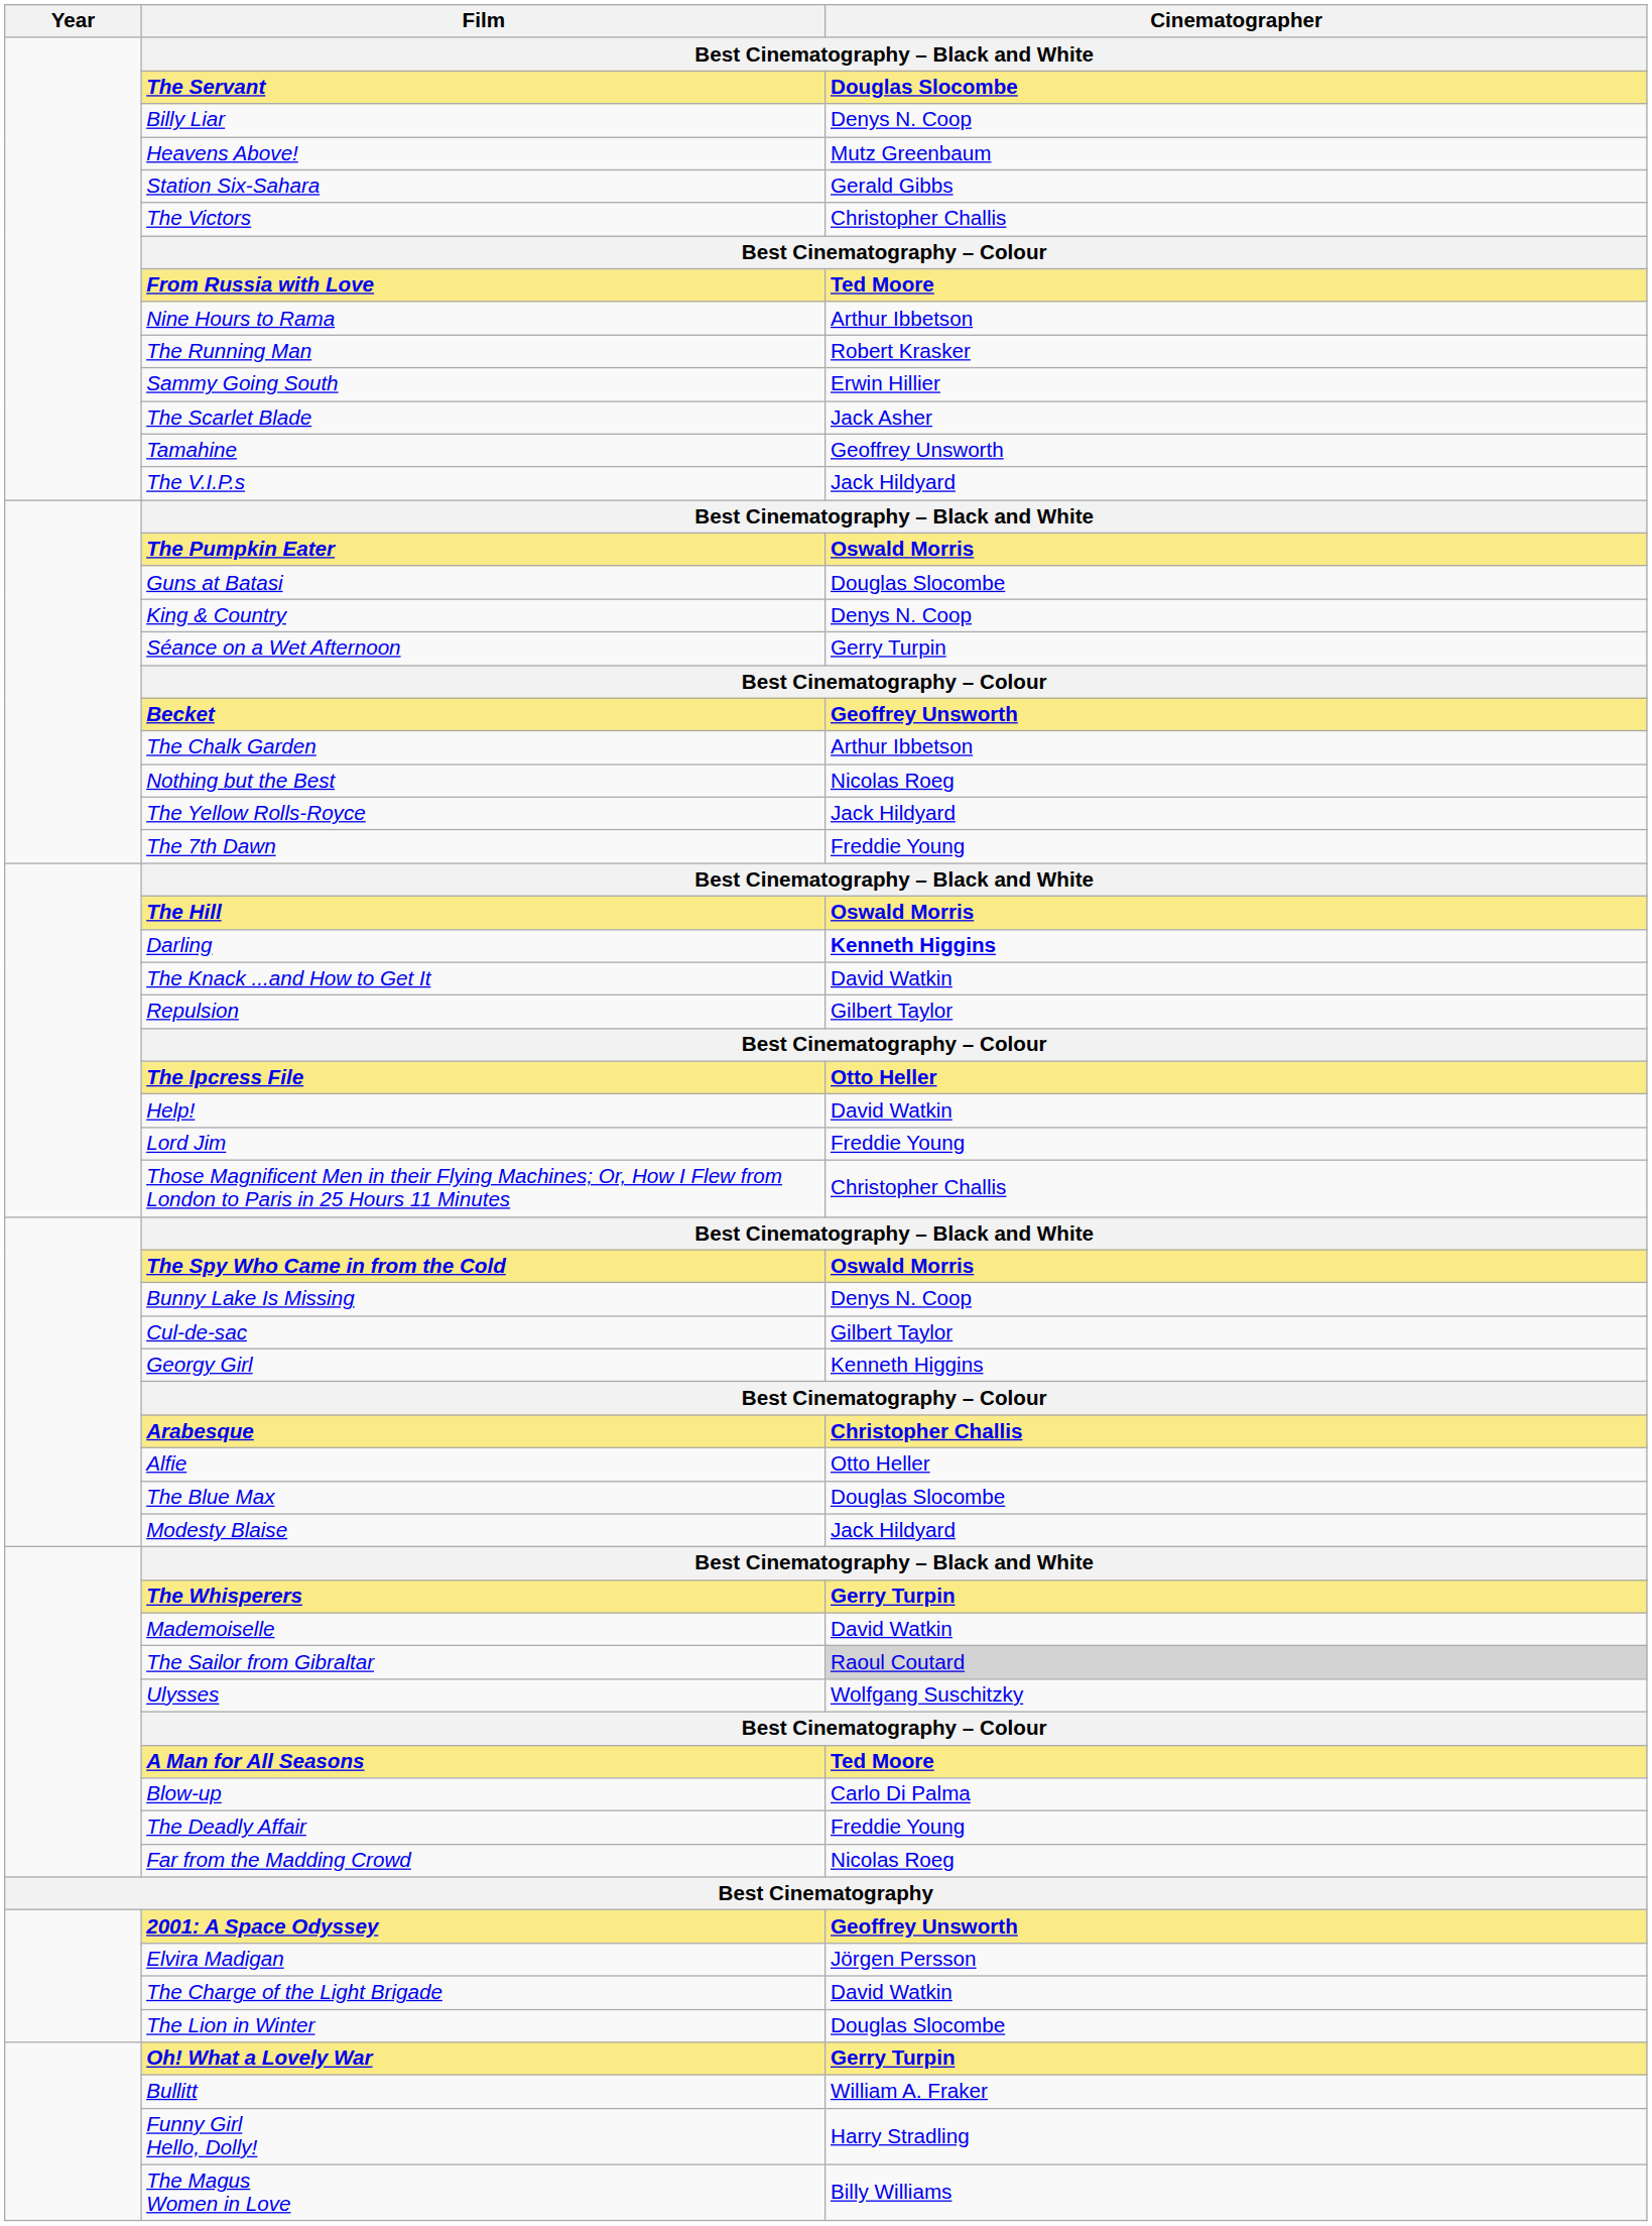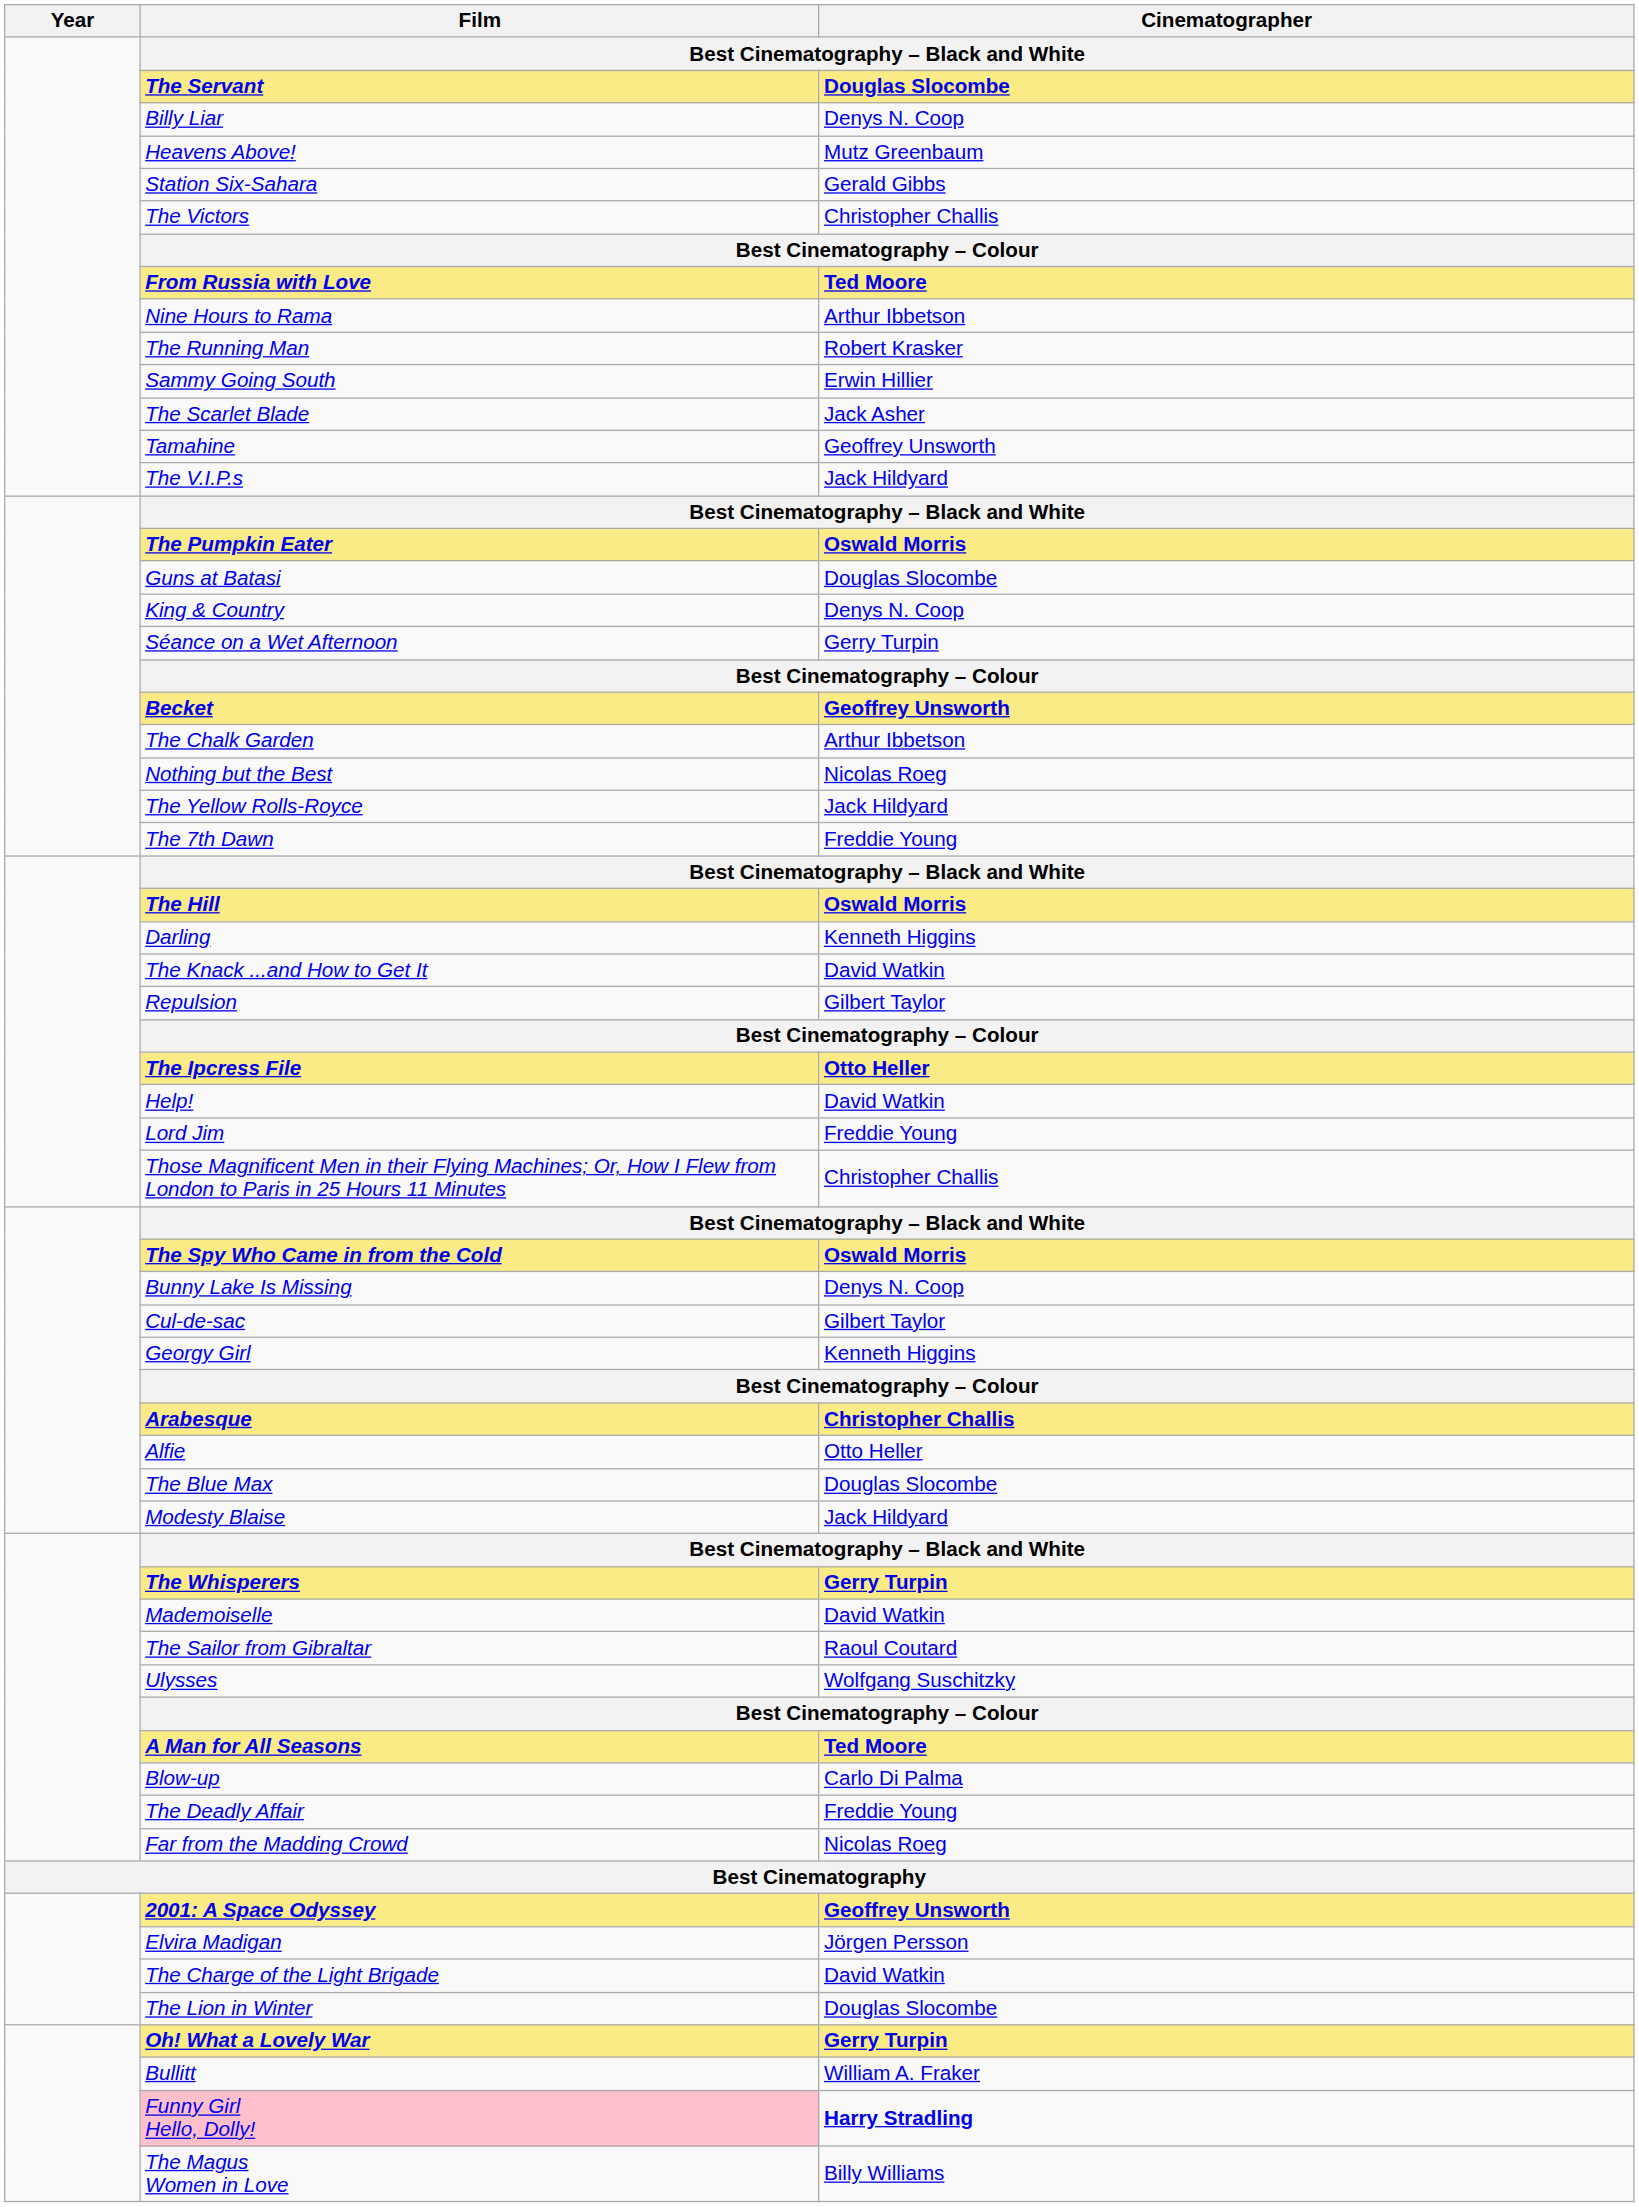 <table class="wikitable" style="width:100%;" cellpadding="5">
 <tr>
 <th style="width:5%;">Year</th>
 <th style="width:25%;">Film</th>
 <th style="width:30%;">Cinematographer</th>
 </tr>
 <tr>
 <td rowspan="14"></td>
 <th colspan="2">Best Cinematography – Black and White</th>
 </tr>
 <tr>
 <td style="background:#FAEB86"><strong><em><a href='#'>The Servant</a></em></strong></td>
 <td style="background:#FAEB86"><strong><a href='#'>Douglas Slocombe</a></strong></td>
 </tr>
 <tr>
 <td><em><a href='#'>Billy Liar</a></em></td>
 <td><a href='#'>Denys N. Coop</a></td>
 </tr>
 <tr>
 <td><em><a href='#'>Heavens Above!</a></em></td>
 <td><a href='#'>Mutz Greenbaum</a></td>
 </tr>
 <tr>
 <td><em><a href='#'>Station Six-Sahara</a></em></td>
 <td><a href='#'>Gerald Gibbs</a></td>
 </tr>
 <tr>
 <td><em><a href='#'>The Victors</a></em></td>
 <td><a href='#'>Christopher Challis</a></td>
 </tr>
 <tr>
 <th colspan="2">Best Cinematography – Colour</th>
 </tr>
 <tr>
 <td style="background:#FAEB86"><strong><em><a href='#'>From Russia with Love</a></em></strong></td>
 <td style="background:#FAEB86"><strong><a href='#'>Ted Moore</a></strong></td>
 </tr>
 <tr>
 <td><em><a href='#'>Nine Hours to Rama</a></em></td>
 <td><a href='#'>Arthur Ibbetson</a></td>
 </tr>
 <tr>
 <td><em><a href='#'>The Running Man</a></em></td>
 <td><a href='#'>Robert Krasker</a></td>
 </tr>
 <tr>
 <td><em><a href='#'>Sammy Going South</a></em></td>
 <td><a href='#'>Erwin Hillier</a></td>
 </tr>
 <tr>
 <td><em><a href='#'>The Scarlet Blade</a></em></td>
 <td><a href='#'>Jack Asher</a></td>
 </tr>
 <tr>
 <td><em><a href='#'>Tamahine</a></em></td>
 <td><a href='#'>Geoffrey Unsworth</a></td>
 </tr>
 <tr>
 <td><em><a href='#'>The V.I.P.s</a></em></td>
 <td><a href='#'>Jack Hildyard</a></td>
 </tr>
 <tr>
 <td rowspan="11"></td>
 <th colspan="2">Best Cinematography – Black and White</th>
 </tr>
 <tr>
 <td style="background:#FAEB86"><strong><em><a href='#'>The Pumpkin Eater</a></em></strong></td>
 <td style="background:#FAEB86"><strong><a href='#'>Oswald Morris</a></strong></td>
 </tr>
 <tr>
 <td><em><a href='#'>Guns at Batasi</a></em></td>
 <td><a href='#'>Douglas Slocombe</a></td>
 </tr>
 <tr>
 <td><em><a href='#'>King & Country</a></em></td>
 <td><a href='#'>Denys N. Coop</a></td>
 </tr>
 <tr>
 <td><em><a href='#'>Séance on a Wet Afternoon</a></em></td>
 <td><a href='#'>Gerry Turpin</a></td>
 </tr>
 <tr>
 <th colspan="2">Best Cinematography – Colour</th>
 </tr>
 <tr>
 <td style="background:#FAEB86"><strong><em><a href='#'>Becket</a></em></strong></td>
 <td style="background:#FAEB86"><strong><a href='#'>Geoffrey Unsworth</a></strong></td>
 </tr>
 <tr>
 <td><em><a href='#'>The Chalk Garden</a></em></td>
 <td><a href='#'>Arthur Ibbetson</a></td>
 </tr>
 <tr>
 <td><em><a href='#'>Nothing but the Best</a></em></td>
 <td><a href='#'>Nicolas Roeg</a></td>
 </tr>
 <tr>
 <td><em><a href='#'>The Yellow Rolls-Royce</a></em></td>
 <td><a href='#'>Jack Hildyard</a></td>
 </tr>
 <tr>
 <td><em><a href='#'>The 7th Dawn</a></em></td>
 <td><a href='#'>Freddie Young</a></td>
 </tr>
 <tr>
 <td rowspan="10"></td>
 <th colspan="2">Best Cinematography – Black and White</th>
 </tr>
 <tr>
 <td style="background:#FAEB86"><strong><em><a href='#'>The Hill</a></em></strong></td>
 <td style="background:#FAEB86"><strong><a href='#'>Oswald Morris</a></strong></td>
 </tr>
 <tr>
 <td><em><a href='#'>Darling</a></em></td>
-<td><strong><a href='#'>Kenneth Higgins</a></strong></td>
+<td><a href='#'>Kenneth Higgins</a></td>
 </tr>
 <tr>
 <td><em><a href='#'>The Knack ...and How to Get It</a></em></td>
 <td><a href='#'>David Watkin</a></td>
 </tr>
 <tr>
 <td><em><a href='#'>Repulsion</a></em></td>
 <td><a href='#'>Gilbert Taylor</a></td>
 </tr>
 <tr>
 <th colspan="2">Best Cinematography – Colour</th>
 </tr>
 <tr>
 <td style="background:#FAEB86"><strong><em><a href='#'>The Ipcress File</a></em></strong></td>
 <td style="background:#FAEB86"><strong><a href='#'>Otto Heller</a></strong></td>
 </tr>
 <tr>
 <td><em><a href='#'>Help!</a></em></td>
 <td><a href='#'>David Watkin</a></td>
 </tr>
 <tr>
 <td><em><a href='#'>Lord Jim</a></em></td>
 <td><a href='#'>Freddie Young</a></td>
 </tr>
 <tr>
 <td><em><a href='#'>Those Magnificent Men in their Flying Machines; Or, How I Flew from London to Paris in 25 Hours 11 Minutes</a></em></td>
 <td><a href='#'>Christopher Challis</a></td>
 </tr>
 <tr>
 <td rowspan="10"></td>
 <th colspan="2">Best Cinematography – Black and White</th>
 </tr>
 <tr>
 <td style="background:#FAEB86"><strong><em><a href='#'>The Spy Who Came in from the Cold</a></em></strong></td>
 <td style="background:#FAEB86"><strong><a href='#'>Oswald Morris</a></strong></td>
 </tr>
 <tr>
 <td><em><a href='#'>Bunny Lake Is Missing</a></em></td>
 <td><a href='#'>Denys N. Coop</a></td>
 </tr>
 <tr>
 <td><em><a href='#'>Cul-de-sac</a></em></td>
 <td><a href='#'>Gilbert Taylor</a></td>
 </tr>
 <tr>
 <td><em><a href='#'>Georgy Girl</a></em></td>
 <td><a href='#'>Kenneth Higgins</a></td>
 </tr>
 <tr>
 <th colspan="2">Best Cinematography – Colour</th>
 </tr>
 <tr>
 <td style="background:#FAEB86"><strong><em><a href='#'>Arabesque</a></em></strong></td>
 <td style="background:#FAEB86"><strong><a href='#'>Christopher Challis</a></strong></td>
 </tr>
 <tr>
 <td><em><a href='#'>Alfie</a></em></td>
 <td><a href='#'>Otto Heller</a></td>
 </tr>
 <tr>
 <td><em><a href='#'>The Blue Max</a></em></td>
 <td><a href='#'>Douglas Slocombe</a></td>
 </tr>
 <tr>
 <td><em><a href='#'>Modesty Blaise</a></em></td>
 <td><a href='#'>Jack Hildyard</a></td>
 </tr>
 <tr>
 <td rowspan="10"></td>
 <th colspan="2">Best Cinematography – Black and White</th>
 </tr>
 <tr>
 <td style="background:#FAEB86"><strong><em><a href='#'>The Whisperers</a></em></strong></td>
 <td style="background:#FAEB86"><strong><a href='#'>Gerry Turpin</a></strong></td>
 </tr>
 <tr>
 <td><em><a href='#'>Mademoiselle</a></em></td>
 <td><a href='#'>David Watkin</a></td>
 </tr>
 <tr>
 <td><em><a href='#'>The Sailor from Gibraltar</a></em></td>
-<td style="background: lightgrey;"><a href='#'>Raoul Coutard</a></td>
+<td><a href='#'>Raoul Coutard</a></td>
 </tr>
 <tr>
 <td><em><a href='#'>Ulysses</a></em></td>
 <td><a href='#'>Wolfgang Suschitzky</a></td>
 </tr>
 <tr>
 <th colspan="2">Best Cinematography – Colour</th>
 </tr>
 <tr>
 <td style="background:#FAEB86"><strong><em><a href='#'>A Man for All Seasons</a></em></strong></td>
 <td style="background:#FAEB86"><strong><a href='#'>Ted Moore</a></strong></td>
 </tr>
 <tr>
 <td><em><a href='#'>Blow-up</a></em></td>
 <td><a href='#'>Carlo Di Palma</a></td>
 </tr>
 <tr>
 <td><em><a href='#'>The Deadly Affair</a></em></td>
 <td><a href='#'>Freddie Young</a></td>
 </tr>
 <tr>
 <td><em><a href='#'>Far from the Madding Crowd</a></em></td>
 <td><a href='#'>Nicolas Roeg</a></td>
 </tr>
 <tr>
 <th colspan="3">Best Cinematography</th>
 </tr>
 <tr>
 <td rowspan="4"></td>
 <td style="background:#FAEB86"><strong><em><a href='#'>2001: A Space Odyssey</a></em></strong></td>
 <td style="background:#FAEB86"><strong><a href='#'>Geoffrey Unsworth</a></strong></td>
 </tr>
 <tr>
 <td><em><a href='#'>Elvira Madigan</a></em></td>
 <td><a href='#'>Jörgen Persson</a></td>
 </tr>
 <tr>
 <td><em><a href='#'>The Charge of the Light Brigade</a></em></td>
 <td><a href='#'>David Watkin</a></td>
 </tr>
 <tr>
 <td><em><a href='#'>The Lion in Winter</a></em></td>
 <td><a href='#'>Douglas Slocombe</a></td>
 </tr>
 <tr>
 <td rowspan="4"></td>
 <td style="background:#FAEB86"><strong><em><a href='#'>Oh! What a Lovely War</a></em></strong></td>
 <td style="background:#FAEB86"><strong><a href='#'>Gerry Turpin</a></strong></td>
 </tr>
 <tr>
 <td><em><a href='#'>Bullitt</a></em></td>
 <td><a href='#'>William A. Fraker</a></td>
 </tr>
 <tr>
-<td><em><a href='#'>Funny Girl</a></em> <br> <em><a href='#'>Hello, Dolly!</a></em></td>
-<td><a href='#'>Harry Stradling</a> </td>
+<td style="background: pink;"><em><a href='#'>Funny Girl</a></em> <br> <em><a href='#'>Hello, Dolly!</a></em></td>
+<td><strong><a href='#'>Harry Stradling</a> </strong></td>
 </tr>
 <tr>
 <td><em><a href='#'>The Magus</a></em> <br> <em><a href='#'>Women in Love</a></em></td>
 <td rowspan="2"><a href='#'>Billy Williams</a> </td>
 </tr>
 </table>
